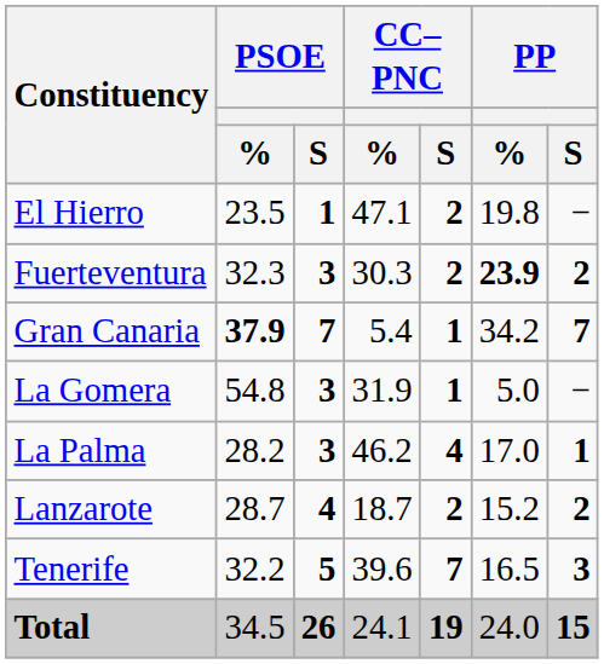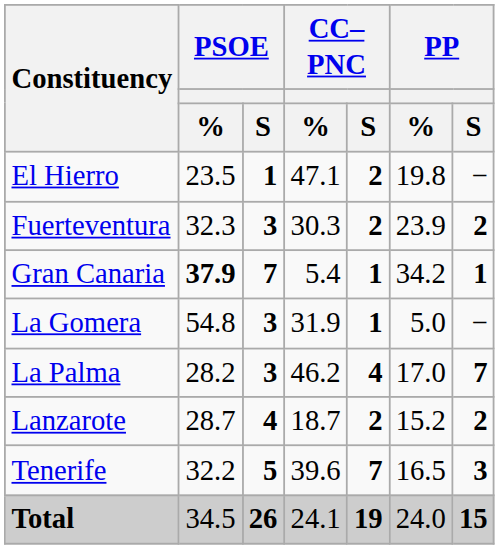 <table class="wikitable sortable" style="text-align:right; line-height:20px;">
 <tr>
 <th rowspan="3">Constituency</th>
 <th colspan="2" width="30px" class="unsortable"><a href='#'>PSOE</a></th>
 <th colspan="2" width="30px" class="unsortable"><a href='#'>CC–PNC</a></th>
 <th colspan="2" width="30px" class="unsortable"><a href='#'>PP</a></th>
 </tr>
 <tr>
 <th colspan="2" style="background:"></th>
 <th colspan="2" style="background:"></th>
 <th colspan="2" style="background:"></th>
 </tr>
 <tr>
 <th data-sort-type="number">%</th>
 <th data-sort-type="number">S</th>
 <th data-sort-type="number">%</th>
 <th data-sort-type="number">S</th>
 <th data-sort-type="number">%</th>
 <th data-sort-type="number">S</th>
 </tr>
 <tr>
 <td align="left"><a href='#'>El Hierro</a></td>
 <td>23.5</td>
 <td><strong>1</strong></td>
 <td style="background:">47.1</td>
 <td><strong>2</strong></td>
 <td>19.8</td>
 <td>−</td>
 </tr>
 <tr>
 <td align="left"><a href='#'>Fuerteventura</a></td>
 <td style="background:">32.3</td>
 <td><strong>3</strong></td>
 <td>30.3</td>
 <td><strong>2</strong></td>
-<td><strong>23.9</strong></td>
+<td>23.9</td>
 <td><strong>2</strong></td>
 </tr>
 <tr>
 <td align="left"><a href='#'>Gran Canaria</a></td>
 <td style="background:"><strong>37.9</strong></td>
 <td><strong>7</strong></td>
 <td>5.4</td>
 <td><strong>1</strong></td>
 <td>34.2</td>
-<td><strong>7</strong></td>
+<td><strong>1</strong></td>
 </tr>
 <tr>
 <td align="left"><a href='#'>La Gomera</a></td>
 <td style="background:">54.8</td>
 <td><strong>3</strong></td>
 <td>31.9</td>
 <td><strong>1</strong></td>
 <td>5.0</td>
 <td>−</td>
 </tr>
 <tr>
 <td align="left"><a href='#'>La Palma</a></td>
 <td>28.2</td>
 <td><strong>3</strong></td>
 <td style="background:">46.2</td>
 <td><strong>4</strong></td>
 <td>17.0</td>
-<td><strong>1</strong></td>
+<td><strong>7</strong></td>
 </tr>
 <tr>
 <td align="left"><a href='#'>Lanzarote</a></td>
 <td style="background:">28.7</td>
 <td><strong>4</strong></td>
 <td>18.7</td>
 <td><strong>2</strong></td>
 <td>15.2</td>
 <td><strong>2</strong></td>
 </tr>
 <tr>
 <td align="left"><a href='#'>Tenerife</a></td>
 <td>32.2</td>
 <td><strong>5</strong></td>
 <td style="background:">39.6</td>
 <td><strong>7</strong></td>
 <td>16.5</td>
 <td><strong>3</strong></td>
 </tr>
 <tr style="background:#CDCDCD;">
 <td align="left"><strong>Total</strong></td>
 <td style="background:">34.5</td>
 <td><strong>26</strong></td>
 <td>24.1</td>
 <td><strong>19</strong></td>
 <td>24.0</td>
 <td><strong>15</strong></td>
 </tr>
 </table>
